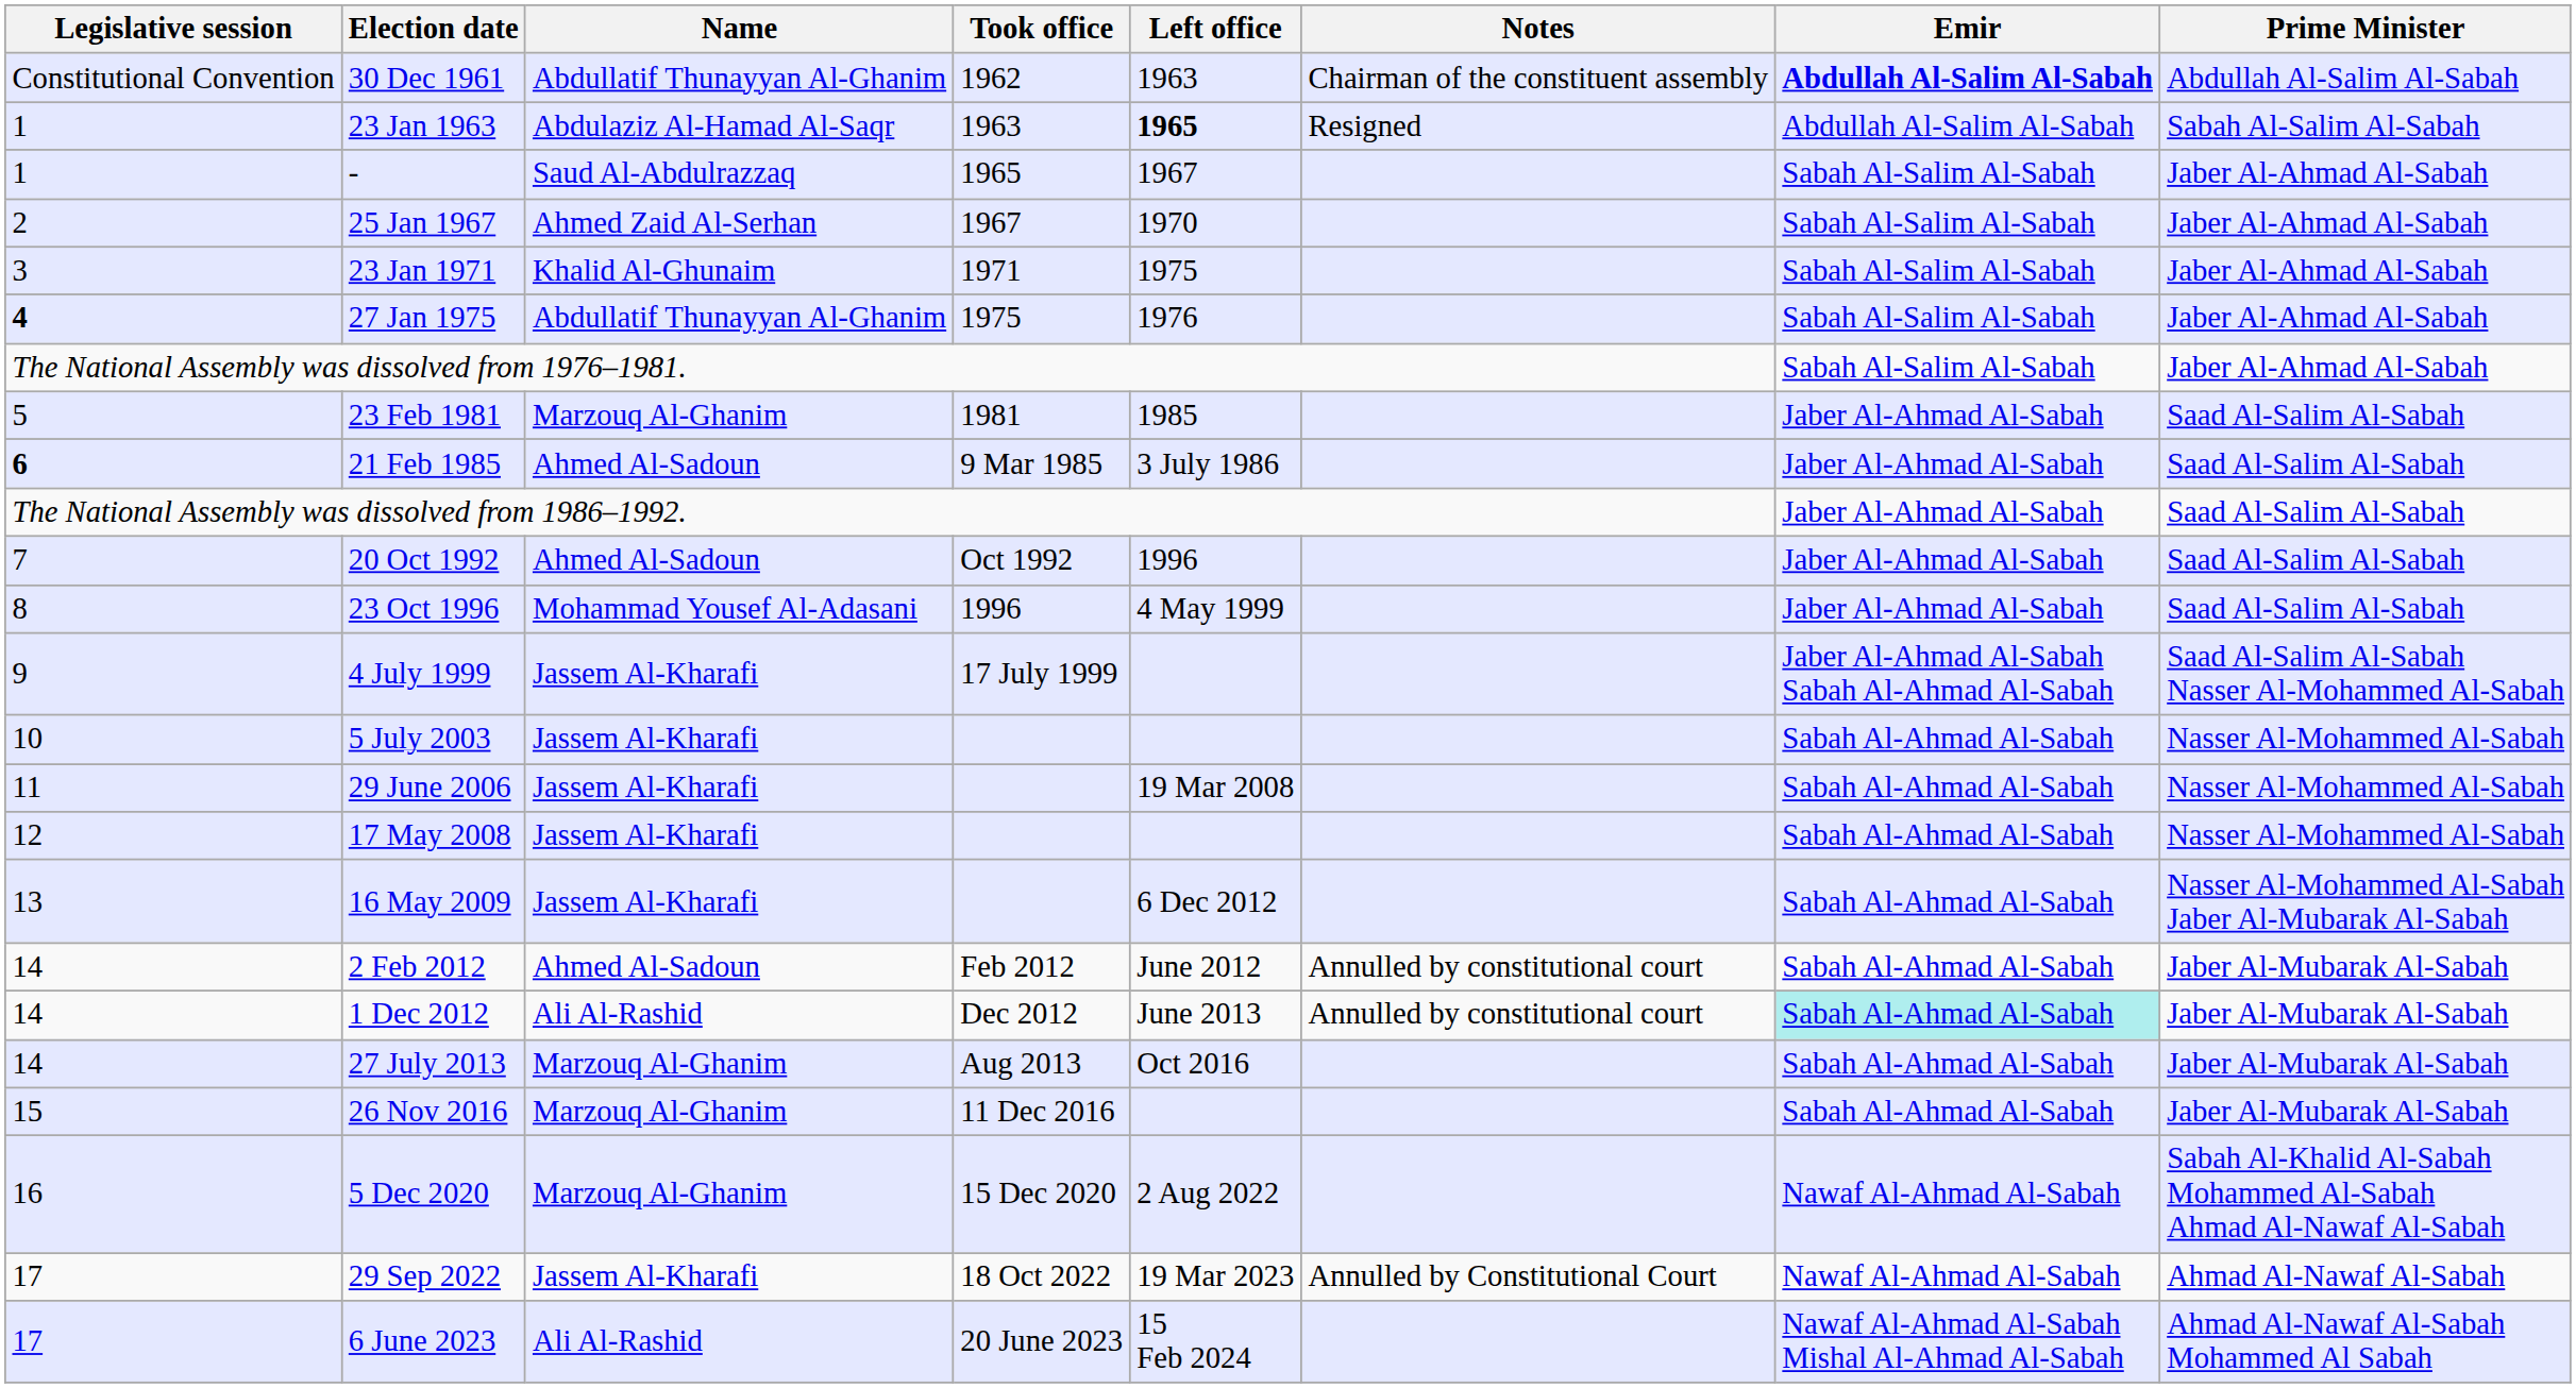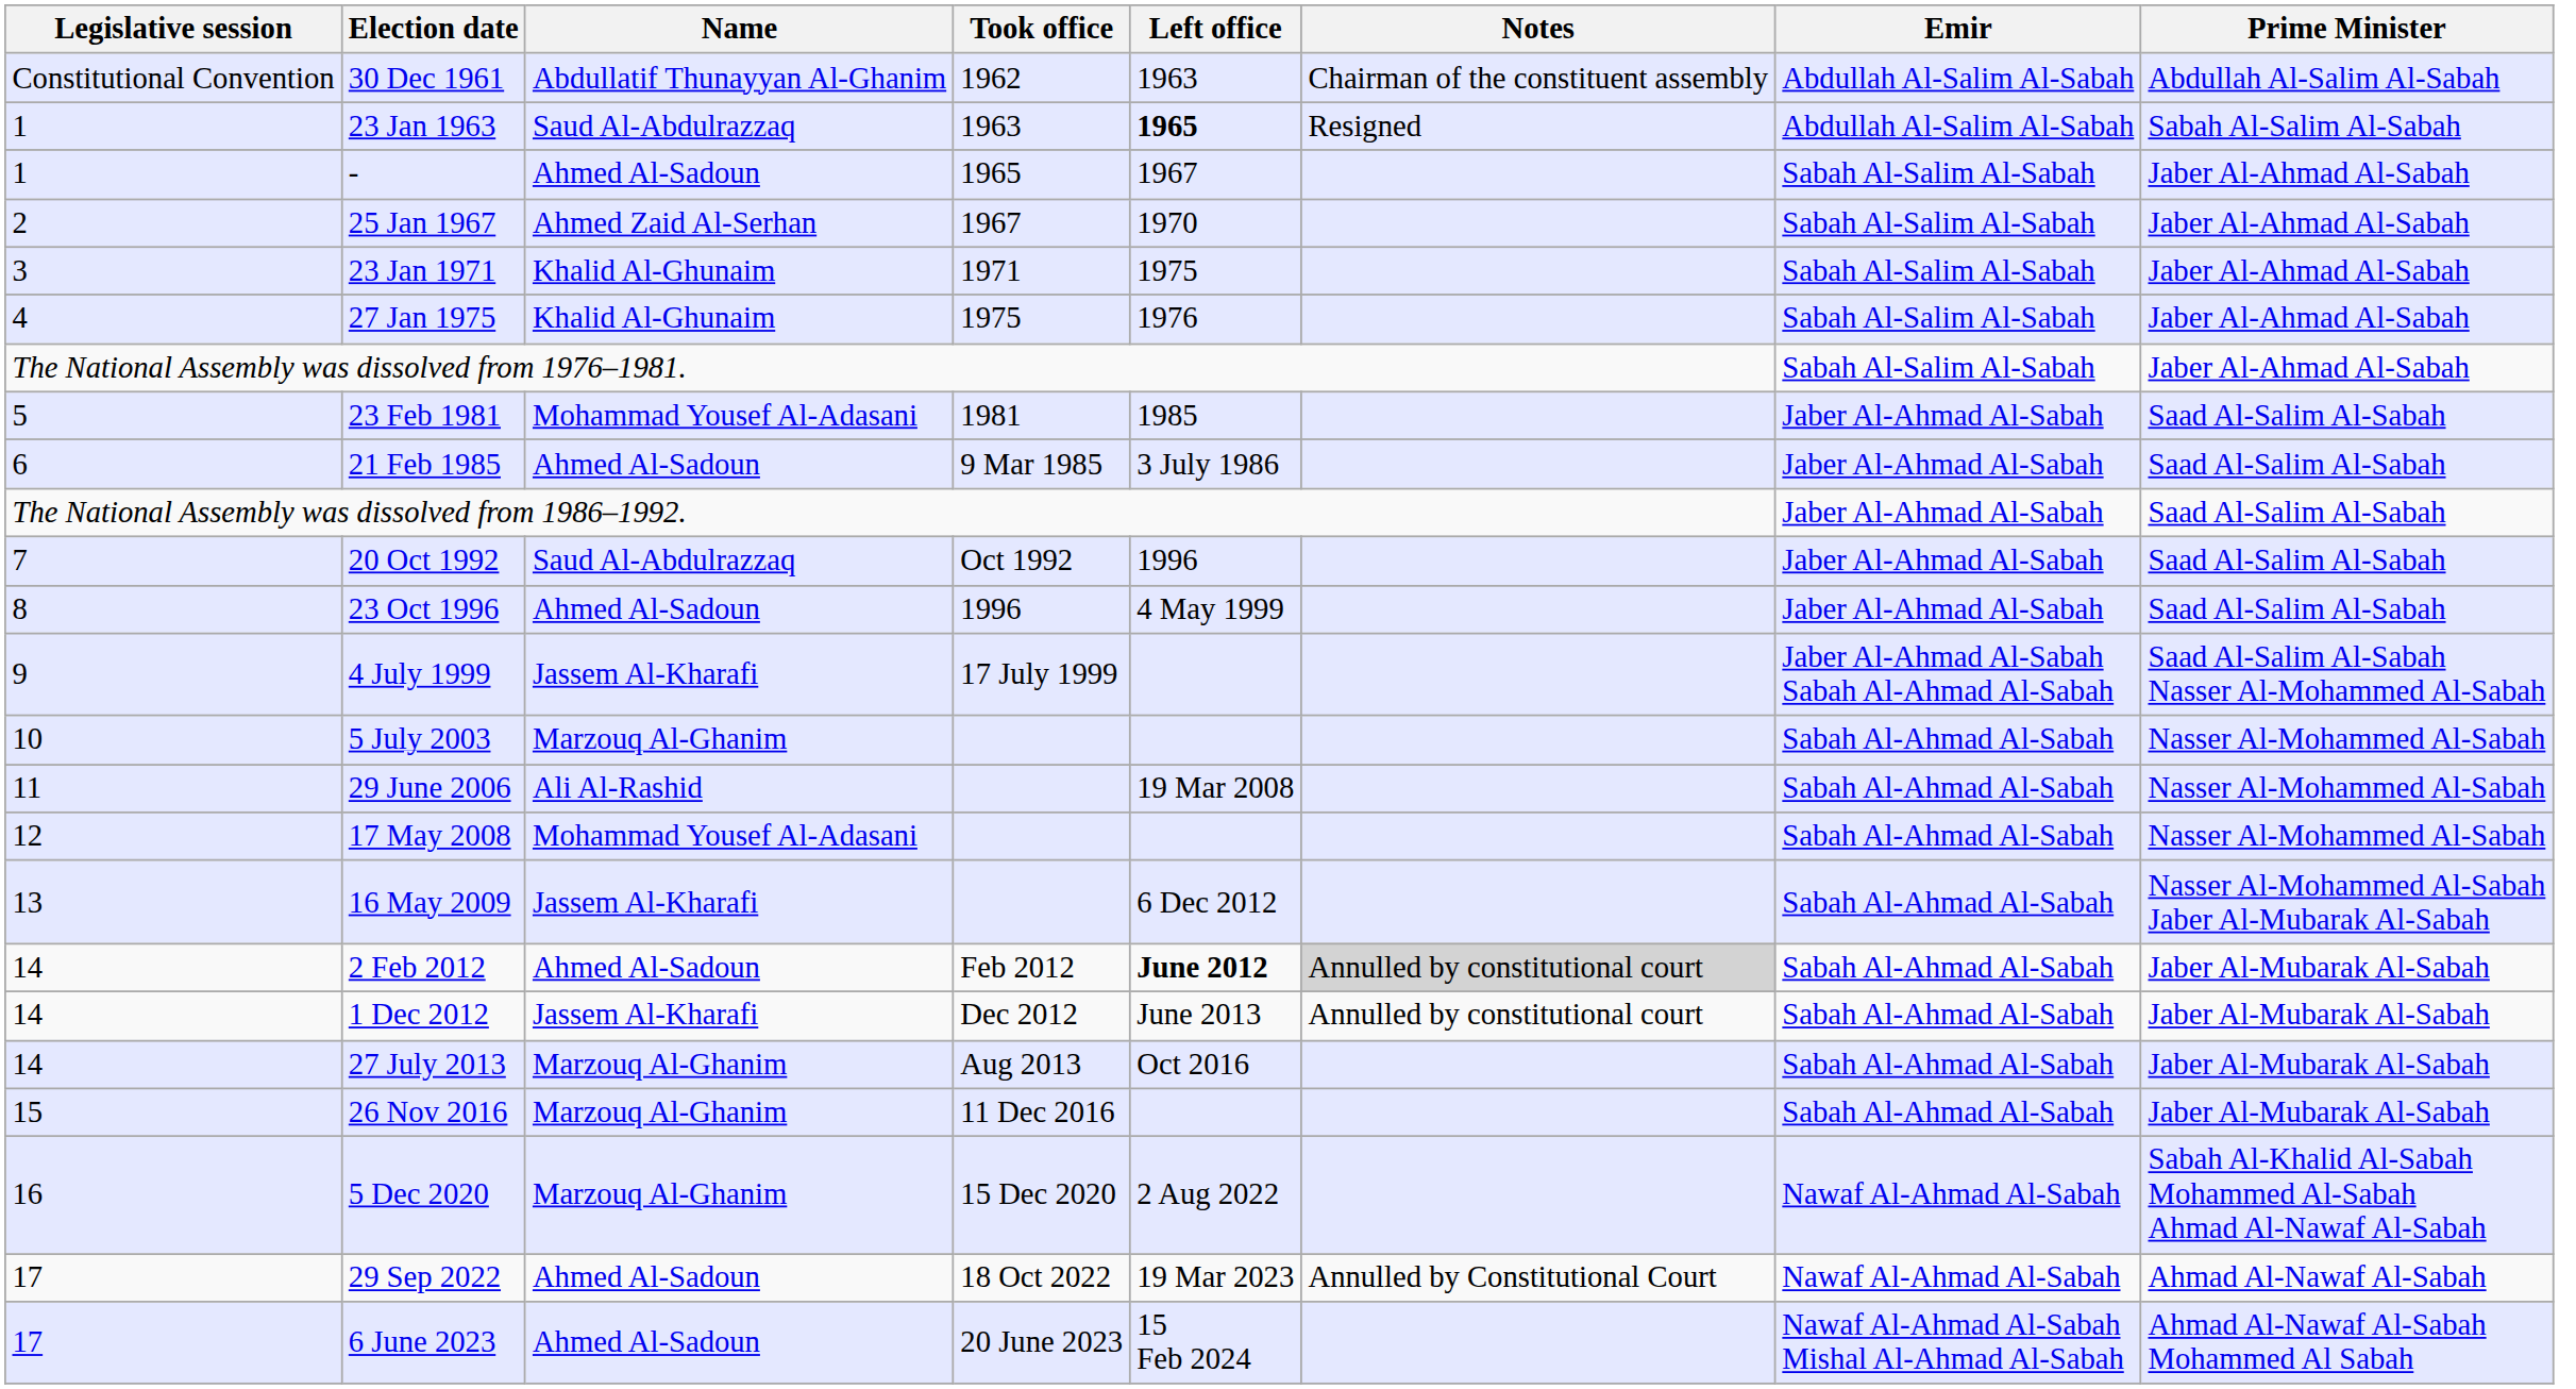 <table class="wikitable">
 <tr>
 <th>Legislative session</th>
 <th>Election date</th>
 <th>Name</th>
 <th>Took office</th>
 <th>Left office</th>
 <th>Notes</th>
 <th>Emir</th>
 <th>Prime Minister</th>
 </tr>
 <tr bgcolor="#e4e8ff">
 <td>Constitutional Convention</td>
 <td><a href='#'>30 Dec 1961</a></td>
 <td><a href='#'>Abdullatif Thunayyan Al-Ghanim</a></td>
 <td>1962</td>
 <td>1963</td>
 <td>Chairman of the constituent assembly</td>
-<td><strong><a href='#'>Abdullah Al-Salim Al-Sabah</a></strong></td>
+<td><a href='#'>Abdullah Al-Salim Al-Sabah</a></td>
 <td><a href='#'>Abdullah Al-Salim Al-Sabah</a></td>
 </tr>
 <tr bgcolor="#e4e8ff">
 <td>1</td>
 <td><a href='#'>23 Jan 1963</a></td>
-<td><a href='#'>Abdulaziz Al-Hamad Al-Saqr</a></td>
+<td><a href='#'>Saud Al-Abdulrazzaq</a></td>
 <td>1963</td>
 <td><strong>1965</strong></td>
 <td>Resigned</td>
 <td><a href='#'>Abdullah Al-Salim Al-Sabah</a></td>
 <td><a href='#'>Sabah Al-Salim Al-Sabah</a></td>
 </tr>
 <tr bgcolor="#e4e8ff">
 <td>1</td>
 <td>-</td>
-<td><a href='#'>Saud Al-Abdulrazzaq</a></td>
+<td><a href='#'>Ahmed Al-Sadoun</a></td>
 <td>1965</td>
 <td>1967</td>
 <td></td>
 <td><a href='#'>Sabah Al-Salim Al-Sabah</a></td>
 <td><a href='#'>Jaber Al-Ahmad Al-Sabah</a></td>
 </tr>
 <tr bgcolor="#e4e8ff">
 <td>2</td>
 <td><a href='#'>25 Jan 1967</a></td>
 <td><a href='#'>Ahmed Zaid Al-Serhan</a></td>
 <td>1967</td>
 <td>1970</td>
 <td></td>
 <td><a href='#'>Sabah Al-Salim Al-Sabah</a></td>
 <td><a href='#'>Jaber Al-Ahmad Al-Sabah</a></td>
 </tr>
 <tr bgcolor="#e4e8ff">
 <td>3</td>
 <td><a href='#'>23 Jan 1971</a></td>
 <td><a href='#'>Khalid Al-Ghunaim</a></td>
 <td>1971</td>
 <td>1975</td>
 <td></td>
 <td><a href='#'>Sabah Al-Salim Al-Sabah</a></td>
 <td><a href='#'>Jaber Al-Ahmad Al-Sabah</a></td>
 </tr>
 <tr bgcolor="#e4e8ff">
-<td><strong>4</strong></td>
+<td>4</td>
 <td><a href='#'>27 Jan 1975</a></td>
-<td><a href='#'>Abdullatif Thunayyan Al-Ghanim</a></td>
+<td><a href='#'>Khalid Al-Ghunaim</a></td>
 <td>1975</td>
 <td>1976</td>
 <td></td>
 <td><a href='#'>Sabah Al-Salim Al-Sabah</a></td>
 <td><a href='#'>Jaber Al-Ahmad Al-Sabah</a></td>
 </tr>
 <tr>
 <td colspan="6"><em>The National Assembly was dissolved from 1976–1981.</em></td>
 <td><a href='#'>Sabah Al-Salim Al-Sabah</a></td>
 <td><a href='#'>Jaber Al-Ahmad Al-Sabah</a></td>
 </tr>
 <tr bgcolor="#e4e8ff">
 <td>5</td>
 <td><a href='#'>23 Feb 1981</a></td>
-<td><a href='#'>Marzouq Al-Ghanim</a></td>
+<td><a href='#'>Mohammad Yousef Al-Adasani</a></td>
 <td>1981</td>
 <td>1985</td>
 <td></td>
 <td><a href='#'>Jaber Al-Ahmad Al-Sabah</a></td>
 <td><a href='#'>Saad Al-Salim Al-Sabah</a></td>
 </tr>
 <tr bgcolor="#e4e8ff">
-<td><strong>6</strong></td>
+<td>6</td>
 <td><a href='#'>21 Feb 1985</a></td>
 <td><a href='#'>Ahmed Al-Sadoun</a></td>
 <td>9 Mar 1985</td>
 <td>3 July 1986</td>
 <td></td>
 <td><a href='#'>Jaber Al-Ahmad Al-Sabah</a></td>
 <td><a href='#'>Saad Al-Salim Al-Sabah</a></td>
 </tr>
 <tr>
 <td colspan="6"><em>The National Assembly was dissolved from 1986–1992.</em></td>
 <td><a href='#'>Jaber Al-Ahmad Al-Sabah</a></td>
 <td><a href='#'>Saad Al-Salim Al-Sabah</a></td>
 </tr>
 <tr bgcolor="#e4e8ff">
 <td>7</td>
 <td><a href='#'>20 Oct 1992</a></td>
-<td><a href='#'>Ahmed Al-Sadoun</a></td>
+<td><a href='#'>Saud Al-Abdulrazzaq</a></td>
 <td>Oct 1992</td>
 <td>1996</td>
 <td></td>
 <td><a href='#'>Jaber Al-Ahmad Al-Sabah</a></td>
 <td><a href='#'>Saad Al-Salim Al-Sabah</a></td>
 </tr>
 <tr bgcolor="#e4e8ff">
 <td>8</td>
 <td><a href='#'>23 Oct 1996</a></td>
-<td><a href='#'>Mohammad Yousef Al-Adasani</a></td>
+<td><a href='#'>Ahmed Al-Sadoun</a></td>
 <td>1996</td>
 <td>4 May 1999</td>
 <td></td>
 <td><a href='#'>Jaber Al-Ahmad Al-Sabah</a></td>
 <td><a href='#'>Saad Al-Salim Al-Sabah</a></td>
 </tr>
 <tr bgcolor="#e4e8ff">
 <td>9</td>
 <td><a href='#'>4 July 1999</a></td>
 <td><a href='#'>Jassem Al-Kharafi</a></td>
 <td>17 July 1999</td>
 <td></td>
 <td></td>
 <td><a href='#'>Jaber Al-Ahmad Al-Sabah</a><br><a href='#'>Sabah Al-Ahmad Al-Sabah</a></td>
 <td><a href='#'>Saad Al-Salim Al-Sabah</a><br><a href='#'>Nasser Al-Mohammed Al-Sabah</a></td>
 </tr>
 <tr bgcolor="#e4e8ff">
 <td>10</td>
 <td><a href='#'>5 July 2003</a></td>
-<td><a href='#'>Jassem Al-Kharafi</a></td>
+<td><a href='#'>Marzouq Al-Ghanim</a></td>
 <td></td>
 <td></td>
 <td></td>
 <td><a href='#'>Sabah Al-Ahmad Al-Sabah</a></td>
 <td><a href='#'>Nasser Al-Mohammed Al-Sabah</a></td>
 </tr>
 <tr bgcolor="#e4e8ff">
 <td>11</td>
 <td><a href='#'>29 June 2006</a></td>
-<td><a href='#'>Jassem Al-Kharafi</a></td>
+<td><a href='#'>Ali Al-Rashid</a></td>
 <td></td>
 <td>19 Mar 2008</td>
 <td></td>
 <td><a href='#'>Sabah Al-Ahmad Al-Sabah</a></td>
 <td><a href='#'>Nasser Al-Mohammed Al-Sabah</a></td>
 </tr>
 <tr bgcolor="#e4e8ff">
 <td>12</td>
 <td><a href='#'>17 May 2008</a></td>
-<td><a href='#'>Jassem Al-Kharafi</a></td>
+<td><a href='#'>Mohammad Yousef Al-Adasani</a></td>
 <td></td>
 <td></td>
 <td></td>
 <td><a href='#'>Sabah Al-Ahmad Al-Sabah</a></td>
 <td><a href='#'>Nasser Al-Mohammed Al-Sabah</a></td>
 </tr>
 <tr bgcolor="#e4e8ff">
 <td>13</td>
 <td><a href='#'>16 May 2009</a></td>
 <td><a href='#'>Jassem Al-Kharafi</a></td>
 <td></td>
 <td>6 Dec 2012</td>
 <td></td>
 <td><a href='#'>Sabah Al-Ahmad Al-Sabah</a></td>
 <td><a href='#'>Nasser Al-Mohammed Al-Sabah</a><br><a href='#'>Jaber Al-Mubarak Al-Sabah</a></td>
 </tr>
 <tr>
 <td>14</td>
 <td><a href='#'>2 Feb 2012</a></td>
 <td><a href='#'>Ahmed Al-Sadoun</a></td>
 <td>Feb 2012</td>
-<td>June 2012</td>
-<td>Annulled by constitutional court</td>
+<td><strong>June 2012</strong></td>
+<td style="background: lightgrey;">Annulled by constitutional court</td>
 <td><a href='#'>Sabah Al-Ahmad Al-Sabah</a></td>
 <td><a href='#'>Jaber Al-Mubarak Al-Sabah</a></td>
 </tr>
 <tr>
 <td>14</td>
 <td><a href='#'>1 Dec 2012</a></td>
-<td><a href='#'>Ali Al-Rashid</a></td>
+<td><a href='#'>Jassem Al-Kharafi</a></td>
 <td>Dec 2012</td>
 <td>June 2013</td>
 <td>Annulled by constitutional court</td>
-<td style="background: paleturquoise;"><a href='#'>Sabah Al-Ahmad Al-Sabah</a></td>
+<td><a href='#'>Sabah Al-Ahmad Al-Sabah</a></td>
 <td><a href='#'>Jaber Al-Mubarak Al-Sabah</a></td>
 </tr>
 <tr bgcolor="#e4e8ff">
 <td>14</td>
 <td><a href='#'>27 July 2013</a></td>
 <td><a href='#'>Marzouq Al-Ghanim</a></td>
 <td>Aug 2013</td>
 <td>Oct 2016</td>
 <td></td>
 <td><a href='#'>Sabah Al-Ahmad Al-Sabah</a></td>
 <td><a href='#'>Jaber Al-Mubarak Al-Sabah</a></td>
 </tr>
 <tr bgcolor="#e4e8ff">
 <td>15</td>
 <td><a href='#'>26 Nov 2016</a></td>
 <td><a href='#'>Marzouq Al-Ghanim</a></td>
 <td>11 Dec 2016</td>
 <td></td>
 <td></td>
 <td><a href='#'>Sabah Al-Ahmad Al-Sabah</a></td>
 <td><a href='#'>Jaber Al-Mubarak Al-Sabah</a></td>
 </tr>
 <tr bgcolor="#e4e8ff">
 <td>16</td>
 <td><a href='#'>5 Dec 2020</a></td>
 <td><a href='#'>Marzouq Al-Ghanim</a></td>
 <td>15 Dec 2020</td>
 <td>2 Aug 2022</td>
 <td></td>
 <td><a href='#'>Nawaf Al-Ahmad Al-Sabah</a></td>
 <td><a href='#'>Sabah Al-Khalid Al-Sabah</a><br><a href='#'>Mohammed Al-Sabah</a><br><a href='#'>Ahmad Al-Nawaf Al-Sabah</a></td>
 </tr>
 <tr>
 <td>17</td>
 <td><a href='#'>29 Sep 2022</a></td>
-<td><a href='#'>Jassem Al-Kharafi</a></td>
+<td><a href='#'>Ahmed Al-Sadoun</a></td>
 <td>18 Oct 2022</td>
 <td>19 Mar 2023</td>
 <td>Annulled by Constitutional Court</td>
 <td><a href='#'>Nawaf Al-Ahmad Al-Sabah</a></td>
 <td><a href='#'>Ahmad Al-Nawaf Al-Sabah</a></td>
 </tr>
 <tr bgcolor="#e4e8ff">
 <td><a href='#'>17</a></td>
 <td><a href='#'>6 June 2023</a></td>
-<td><a href='#'>Ali Al-Rashid</a></td>
+<td><a href='#'>Ahmed Al-Sadoun</a></td>
 <td>20 June 2023</td>
 <td>15<br>Feb 2024</td>
 <td></td>
 <td><a href='#'>Nawaf Al-Ahmad Al-Sabah</a><br><a href='#'>Mishal Al-Ahmad Al-Sabah</a></td>
 <td><a href='#'>Ahmad Al-Nawaf Al-Sabah</a><br><a href='#'>Mohammed Al Sabah</a></td>
 </tr>
 </table>
